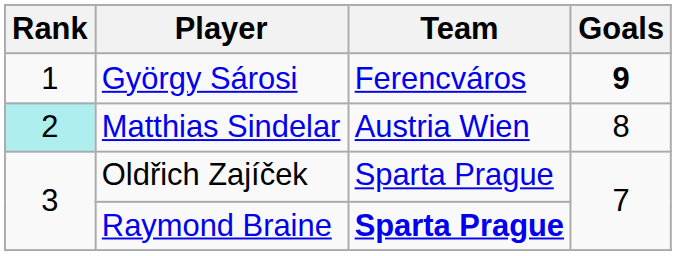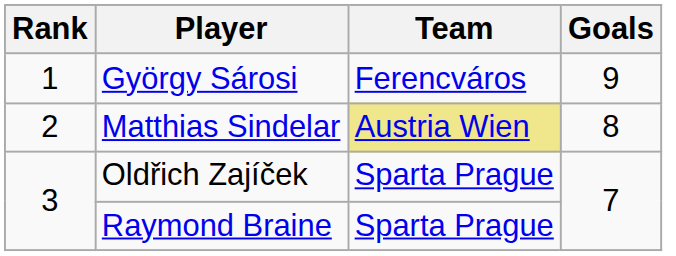 <table class="wikitable" style="text-align:center">
 <tr>
 <th>Rank</th>
 <th>Player</th>
 <th>Team</th>
 <th>Goals</th>
 </tr>
 <tr>
 <td>1</td>
 <td align=left> <a href='#'>György Sárosi</a></td>
 <td align=left> <a href='#'>Ferencváros</a></td>
-<td><strong>9</strong></td>
+<td>9</td>
 </tr>
 <tr>
-<td style="background: paleturquoise;">2</td>
+<td>2</td>
 <td align=left> <a href='#'>Matthias Sindelar</a></td>
-<td align=left> <a href='#'>Austria Wien</a></td>
+<td align=left style="background: khaki;"> <a href='#'>Austria Wien</a></td>
 <td>8</td>
 </tr>
 <tr>
 <td rowspan=2>3</td>
 <td align=left> Oldřich Zajíček</td>
 <td align=left> <a href='#'>Sparta Prague</a></td>
 <td rowspan=2>7</td>
 </tr>
 <tr>
 <td align=left> <a href='#'>Raymond Braine</a></td>
-<td align=left><strong> <a href='#'>Sparta Prague</a></strong></td>
+<td align=left> <a href='#'>Sparta Prague</a></td>
 </tr>
 </table>
